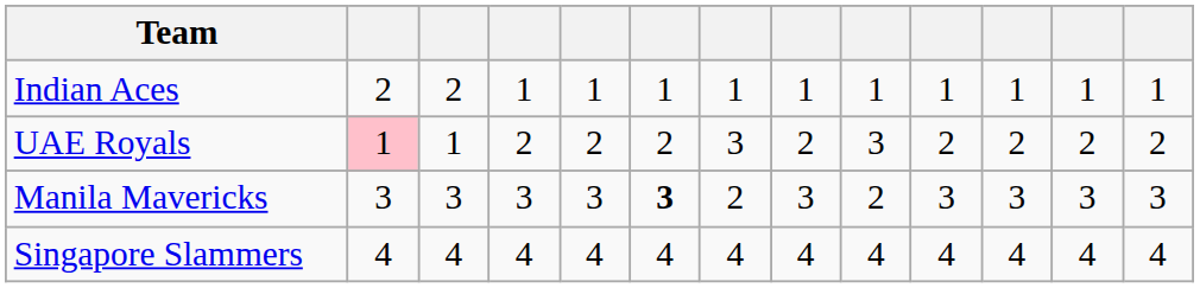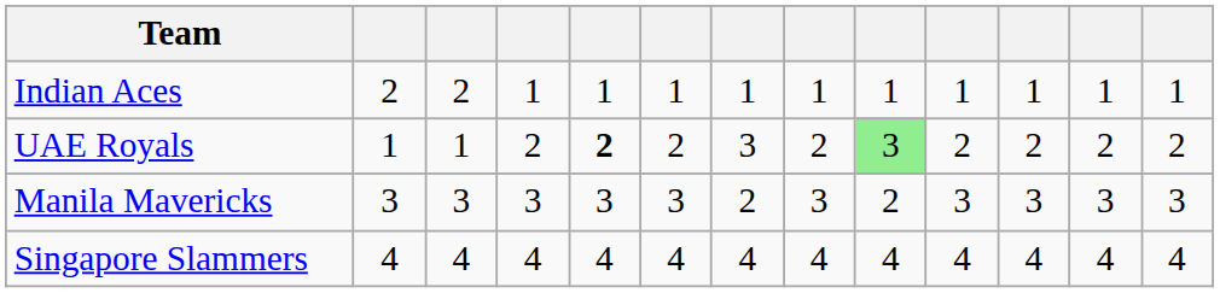 <table class="wikitable sortable" style="text-align: center">
 <tr>
 <th style="width:150px">Team</th>
 <th style="width:25px"></th>
 <th style="width:25px"></th>
 <th style="width:25px"></th>
 <th style="width:25px"></th>
 <th style="width:25px"></th>
 <th style="width:25px"></th>
 <th style="width:25px"></th>
 <th style="width:25px"></th>
 <th style="width:25px"></th>
 <th style="width:25px"></th>
 <th style="width:25px"></th>
 <th style="width:25px"></th>
 </tr>
 <tr>
 <td style="text-align: left"> <a href='#'>Indian Aces</a></td>
 <td>2</td>
 <td>2</td>
 <td>1</td>
 <td>1</td>
 <td>1</td>
 <td>1</td>
 <td>1</td>
 <td>1</td>
 <td>1</td>
 <td>1</td>
 <td>1</td>
 <td>1</td>
 </tr>
 <tr>
 <td style="text-align: left"> <a href='#'>UAE Royals</a></td>
-<td style="background: pink;">1</td>
+<td>1</td>
 <td>1</td>
 <td>2</td>
-<td>2</td>
+<td><strong>2</strong></td>
 <td>2</td>
 <td>3</td>
 <td>2</td>
-<td>3</td>
+<td style="background: lightgreen;">3</td>
 <td>2</td>
 <td>2</td>
 <td>2</td>
 <td>2</td>
 </tr>
 <tr>
 <td style="text-align: left"> <a href='#'>Manila Mavericks</a></td>
 <td>3</td>
 <td>3</td>
 <td>3</td>
 <td>3</td>
-<td><strong>3</strong></td>
+<td>3</td>
 <td>2</td>
 <td>3</td>
 <td>2</td>
 <td>3</td>
 <td>3</td>
 <td>3</td>
 <td>3</td>
 </tr>
 <tr>
 <td style="text-align: left"> <a href='#'>Singapore Slammers</a></td>
 <td>4</td>
 <td>4</td>
 <td>4</td>
 <td>4</td>
 <td>4</td>
 <td>4</td>
 <td>4</td>
 <td>4</td>
 <td>4</td>
 <td>4</td>
 <td>4</td>
 <td>4</td>
 </tr>
 </table>
